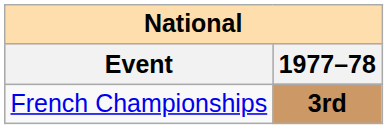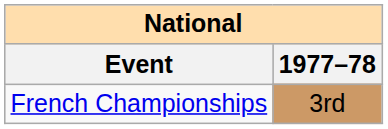 <table class="wikitable" style="text-align:center">
 <tr>
 <th style="background-color: #ffdead; " colspan=2 align=center><strong>National</strong></th>
 </tr>
 <tr>
 <th>Event</th>
 <th>1977–78</th>
 </tr>
 <tr>
 <td align=left><a href='#'>French Championships</a></td>
-<td bgcolor=cc9966><strong>3rd</strong></td>
+<td bgcolor=cc9966>3rd</td>
 </tr>
 </table>
